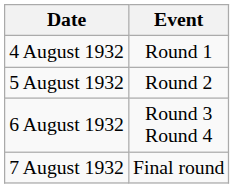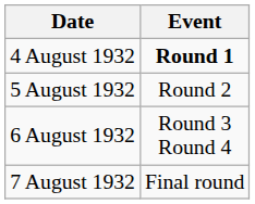 <table class = "wikitable" style="text-align:center;">
 <tr>
 <th>Date</th>
 <th>Event</th>
 </tr>
 <tr>
 <td>4 August 1932</td>
-<td>Round 1</td>
+<td><strong>Round 1</strong></td>
 </tr>
 <tr>
 <td>5 August 1932</td>
 <td>Round 2</td>
 </tr>
 <tr>
 <td>6 August 1932</td>
 <td>Round 3 <br> Round 4</td>
 </tr>
 <tr>
 <td>7 August 1932</td>
 <td>Final round</td>
 </tr>
 </table>
